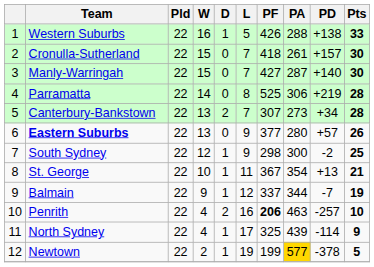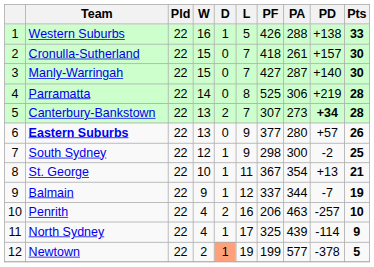 <table class="wikitable" style="text-align:center;">
 <tr>
 <th width=20 abbr="Position×"></th>
 <th width=175>Team</th>
 <th width=20 abbr="Played">Pld</th>
 <th width=20 abbr="Won">W</th>
 <th width=20 abbr="Drawn">D</th>
 <th width=20 abbr="Lost">L</th>
 <th width=20 abbr="Points for">PF</th>
 <th width=20 abbr="Points against">PA</th>
 <th width=20 abbr="Points difference">PD</th>
 <th width=20 abbr="Points">Pts</th>
 </tr>
 <tr style="background: #ccffcc;">
 <td>1</td>
 <td style="text-align:left;"> <a href='#'>Western Suburbs</a></td>
 <td>22</td>
 <td>16</td>
 <td>1</td>
 <td>5</td>
 <td>426</td>
 <td>288</td>
 <td>+138</td>
 <td><strong>33</strong></td>
 </tr>
 <tr style="background: #ccffcc;">
 <td>2</td>
 <td style="text-align:left;"> <a href='#'>Cronulla-Sutherland</a></td>
 <td>22</td>
 <td>15</td>
 <td>0</td>
 <td>7</td>
 <td>418</td>
 <td>261</td>
 <td>+157</td>
 <td><strong>30</strong></td>
 </tr>
 <tr style="background: #ccffcc;">
 <td>3</td>
 <td style="text-align:left;"> <a href='#'>Manly-Warringah</a></td>
 <td>22</td>
 <td>15</td>
 <td>0</td>
 <td>7</td>
 <td>427</td>
 <td>287</td>
 <td>+140</td>
 <td><strong>30</strong></td>
 </tr>
 <tr style="background: #ccffcc;">
 <td>4</td>
 <td style="text-align:left;"> <a href='#'>Parramatta</a></td>
 <td>22</td>
 <td>14</td>
 <td>0</td>
 <td>8</td>
 <td>525</td>
 <td>306</td>
 <td>+219</td>
 <td><strong>28</strong></td>
 </tr>
 <tr style="background: #ccffcc;">
 <td>5</td>
 <td style="text-align:left;"> <a href='#'>Canterbury-Bankstown</a></td>
 <td>22</td>
 <td>13</td>
 <td>2</td>
 <td>7</td>
 <td>307</td>
 <td>273</td>
-<td>+34</td>
+<td><strong>+34</strong></td>
 <td><strong>28</strong></td>
 </tr>
 <tr>
 <td>6</td>
 <td style="text-align:left;"> <strong><a href='#'>Eastern Suburbs</a></strong></td>
 <td>22</td>
 <td>13</td>
 <td>0</td>
 <td>9</td>
 <td>377</td>
 <td>280</td>
 <td>+57</td>
 <td><strong>26</strong></td>
 </tr>
 <tr>
 <td>7</td>
 <td style="text-align:left;"> <a href='#'>South Sydney</a></td>
 <td>22</td>
 <td>12</td>
 <td>1</td>
 <td>9</td>
 <td>298</td>
 <td>300</td>
 <td>-2</td>
 <td><strong>25</strong></td>
 </tr>
 <tr>
 <td>8</td>
 <td style="text-align:left;"> <a href='#'>St. George</a></td>
 <td>22</td>
 <td>10</td>
 <td>1</td>
 <td>11</td>
 <td>367</td>
 <td>354</td>
 <td>+13</td>
 <td><strong>21</strong></td>
 </tr>
 <tr>
 <td>9</td>
 <td style="text-align:left;"> <a href='#'>Balmain</a></td>
 <td>22</td>
 <td>9</td>
 <td>1</td>
 <td>12</td>
 <td>337</td>
 <td>344</td>
 <td>-7</td>
 <td><strong>19</strong></td>
 </tr>
 <tr>
 <td>10</td>
 <td style="text-align:left;"> <a href='#'>Penrith</a></td>
 <td>22</td>
 <td>4</td>
 <td>2</td>
 <td>16</td>
-<td><strong>206</strong></td>
+<td>206</td>
 <td>463</td>
 <td>-257</td>
 <td><strong>10</strong></td>
 </tr>
 <tr>
 <td>11</td>
 <td style="text-align:left;"> <a href='#'>North Sydney</a></td>
 <td>22</td>
 <td>4</td>
 <td>1</td>
 <td>17</td>
 <td>325</td>
 <td>439</td>
 <td>-114</td>
 <td><strong>9</strong></td>
 </tr>
 <tr>
 <td>12</td>
 <td style="text-align:left;"> <a href='#'>Newtown</a></td>
 <td>22</td>
 <td>2</td>
-<td>1</td>
+<td style="background: lightsalmon;">1</td>
 <td>19</td>
 <td>199</td>
-<td style="background: gold;">577</td>
+<td>577</td>
 <td>-378</td>
 <td><strong>5</strong></td>
 </tr>
 <tr>
 </tr>
 </table>
